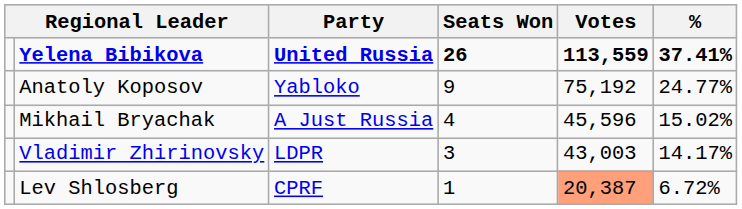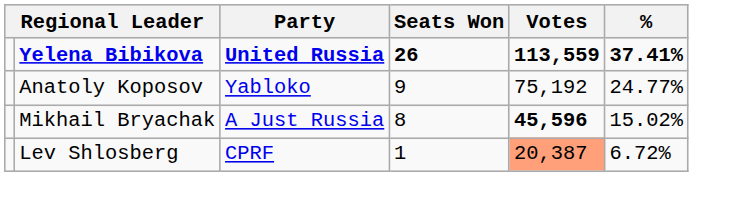 <table class="wikitable Sortable">
 <tr>
 <th colspan="2">Regional Leader</th>
 <th>Party</th>
 <th>Seats Won</th>
 <th>Votes</th>
 <th>%</th>
 </tr>
 <tr>
 <td style="background-color: "></td>
 <td><strong><a href='#'>Yelena Bibikova</a></strong></td>
 <td><strong><a href='#'>United Russia</a></strong></td>
 <td><strong>26</strong></td>
 <td><strong>113,559</strong></td>
 <td><strong>37.41%</strong></td>
 </tr>
 <tr>
 <td style="background-color: "></td>
 <td>Anatoly Koposov</td>
 <td><a href='#'>Yabloko</a></td>
 <td>9</td>
 <td>75,192</td>
 <td>24.77%</td>
 </tr>
 <tr>
 <td style="background-color: "></td>
 <td>Mikhail Bryachak</td>
 <td><a href='#'>A Just Russia</a></td>
-<td>4</td>
-<td>45,596</td>
+<td>8</td>
+<td><strong>45,596</strong></td>
 <td>15.02%</td>
-</tr>
-<tr>
-<td style="background-color: "></td>
-<td><a href='#'>Vladimir Zhirinovsky</a></td>
-<td><a href='#'>LDPR</a></td>
-<td>3</td>
-<td>43,003</td>
-<td>14.17%</td>
 </tr>
 <tr>
 <td style="background-color: "></td>
 <td>Lev Shlosberg</td>
 <td><a href='#'>CPRF</a></td>
 <td>1</td>
 <td style="background: lightsalmon;">20,387</td>
 <td>6.72%</td>
 </tr>
 </table>
